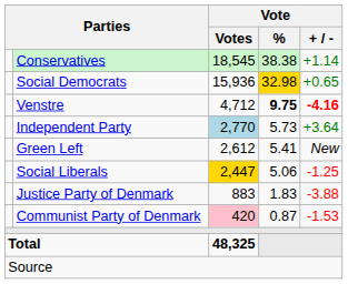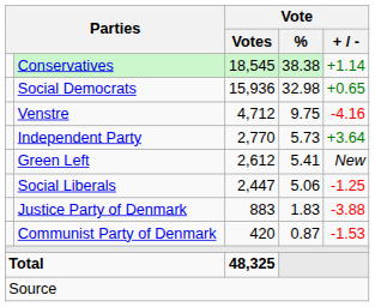 <table class="wikitable" style="text-align:right;">
 <tr>
 <th style="text-align:centre;" rowspan="2" colspan="2" width="225">Parties</th>
 <th colspan="3">Vote</th>
 </tr>
 <tr>
 <th width="15">Votes</th>
 <th width="15">%</th>
 <th width="15">+ / -</th>
 </tr>
 <tr>
 <td width="2" style="color:inherit;background:"></td>
 <td bgcolor=#ccf7cc  align="left"><a href='#'>Conservatives</a></td>
 <td bgcolor=#ccf7cc>18,545</td>
 <td bgcolor=#ccf7cc>38.38</td>
 <td style=color:green;>+1.14</td>
 </tr>
 <tr>
 <td width="2" style="color:inherit;background:"></td>
 <td align="left"><a href='#'>Social Democrats</a></td>
 <td>15,936</td>
-<td style="background: gold;">32.98</td>
+<td>32.98</td>
 <td style=color:green;>+0.65</td>
 </tr>
 <tr>
 <td width="2" style="color:inherit;background:"></td>
 <td align="left"><a href='#'>Venstre</a></td>
 <td>4,712</td>
-<td><strong>9.75</strong></td>
-<td style=color:red;><strong>-4.16</strong></td>
+<td>9.75</td>
+<td style=color:red;>-4.16</td>
 </tr>
 <tr>
 <td width="2" style="color:inherit;background:"></td>
 <td align="left"><a href='#'>Independent Party</a></td>
-<td style="background: lightblue;">2,770</td>
+<td>2,770</td>
 <td>5.73</td>
 <td style=color:green;>+3.64</td>
 </tr>
 <tr>
 <td width="2" style="color:inherit;background:"></td>
 <td align="left"><a href='#'>Green Left</a></td>
 <td>2,612</td>
 <td>5.41</td>
 <td><em>New</em></td>
 </tr>
 <tr>
 <td width="2" style="color:inherit;background:"></td>
 <td align="left"><a href='#'>Social Liberals</a></td>
-<td style="background: gold;">2,447</td>
+<td>2,447</td>
 <td>5.06</td>
 <td style=color:red;>-1.25</td>
 </tr>
 <tr>
 <td width="2" style="color:inherit;background:"></td>
 <td align="left"><a href='#'>Justice Party of Denmark</a></td>
 <td>883</td>
 <td>1.83</td>
 <td style=color:red;>-3.88</td>
 </tr>
 <tr>
 <td width="2" style="color:inherit;background:"></td>
 <td align="left"><a href='#'>Communist Party of Denmark</a></td>
-<td style="background: pink;">420</td>
+<td>420</td>
 <td>0.87</td>
 <td style=color:red;>-1.53</td>
 </tr>
 <tr>
 <td colspan="7" bgcolor="#E9E9E9"></td>
 </tr>
 <tr>
 <td align="left" colspan="2"><strong>Total</strong></td>
 <td><strong>48,325</strong></td>
 <td bgcolor="#E9E9E9" colspan="2"></td>
 </tr>
 <tr>
 <td align="left" colspan="6">Source</td>
 </tr>
 </table>
